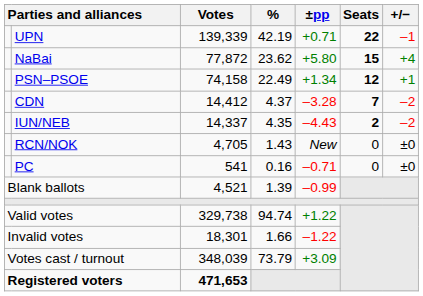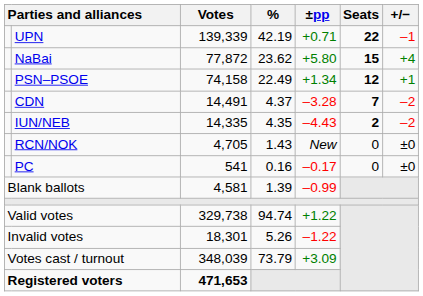 <table class="wikitable" style="text-align:right;">
 <tr>
 <th style="text-align:left;" colspan="2" width="200">Parties and alliances</th>
 <th width="75">Votes</th>
 <th width="45">%</th>
 <th width="45">±<a href='#'>pp</a></th>
 <th width="35">Seats</th>
 <th width="35">+/−</th>
 </tr>
 <tr>
 <td width="1" style="color:inherit;background:"></td>
 <td align="left"><a href='#'>UPN</a></td>
 <td>139,339</td>
 <td>42.19</td>
 <td style="color:green;">+0.71</td>
 <td><strong>22</strong></td>
 <td style="color:red;">–1</td>
 </tr>
 <tr>
 <td style="color:inherit;background:"></td>
 <td align="left"><a href='#'>NaBai</a></td>
 <td>77,872</td>
 <td>23.62</td>
 <td style="color:green;">+5.80</td>
 <td><strong>15</strong></td>
 <td style="color:green;">+4</td>
 </tr>
 <tr>
 <td style="color:inherit;background:"></td>
 <td align="left"><a href='#'>PSN–PSOE</a></td>
 <td>74,158</td>
 <td>22.49</td>
 <td style="color:green;">+1.34</td>
 <td><strong>12</strong></td>
 <td style="color:green;">+1</td>
 </tr>
 <tr>
 <td style="color:inherit;background:"></td>
 <td align="left"><a href='#'>CDN</a></td>
-<td>14,412</td>
+<td>14,491</td>
 <td>4.37</td>
 <td style="color:red;">–3.28</td>
 <td><strong>7</strong></td>
 <td style="color:red;">–2</td>
 </tr>
 <tr>
 <td style="color:inherit;background:"></td>
 <td align="left"><a href='#'>IUN/NEB</a></td>
-<td>14,337</td>
+<td>14,335</td>
 <td>4.35</td>
 <td style="color:red;">–4.43</td>
 <td><strong>2</strong></td>
 <td style="color:red;">–2</td>
 </tr>
 <tr>
 <td style="color:inherit;background:"></td>
 <td align="left"><a href='#'>RCN/NOK</a></td>
 <td>4,705</td>
 <td>1.43</td>
 <td><em>New</em></td>
 <td>0</td>
 <td>±0</td>
 </tr>
 <tr>
 <td style="color:inherit;background:"></td>
 <td align="left"><a href='#'>PC</a></td>
 <td>541</td>
 <td>0.16</td>
-<td style="color:red;">–0.71</td>
+<td style="color:red;">–0.17</td>
 <td>0</td>
 <td>±0</td>
 </tr>
 <tr>
 <td align="left" colspan="2">Blank ballots</td>
-<td>4,521</td>
+<td>4,581</td>
 <td>1.39</td>
 <td style="color:red;">–0.99</td>
 <td bgcolor="#E9E9E9" colspan="2"></td>
 </tr>
 <tr>
 <td colspan="7" bgcolor="#E9E9E9"></td>
 </tr>
 <tr>
 <td align="left" colspan="2">Valid votes</td>
 <td>329,738</td>
 <td>94.74</td>
 <td style="color:green;">+1.22</td>
 <td bgcolor="#E9E9E9" colspan="2" rowspan="4"></td>
 </tr>
 <tr>
 <td align="left" colspan="2">Invalid votes</td>
 <td>18,301</td>
-<td>1.66</td>
+<td>5.26</td>
 <td style="color:red;">–1.22</td>
 </tr>
 <tr>
 <td align="left" colspan="2">Votes cast / turnout</td>
 <td>348,039</td>
 <td>73.79</td>
 <td style="color:green;">+3.09</td>
 </tr>
 <tr style="font-weight:bold;">
 <td align="left" colspan="2">Registered voters</td>
 <td>471,653</td>
 <td bgcolor="#E9E9E9" colspan="2"></td>
 </tr>
 </table>
